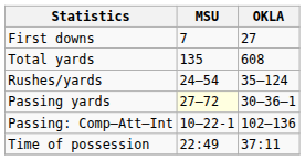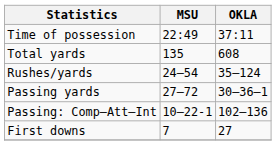 <table class="wikitable" style="float: left;">
 <tr>
 <th>Statistics</th>
 <th>MSU</th>
 <th>OKLA</th>
 </tr>
 <tr>
-<td>First downs</td>
-<td>7</td>
-<td>27</td>
+<td>Time of possession</td>
+<td>22:49</td>
+<td>37:11</td>
 </tr>
 <tr>
 <td>Total yards</td>
 <td>135</td>
 <td>608</td>
 </tr>
 <tr>
 <td>Rushes/yards</td>
 <td>24–54</td>
 <td>35–124</td>
 </tr>
 <tr>
 <td>Passing yards</td>
-<td style="background: lightyellow;">27–72</td>
+<td>27–72</td>
 <td>30–36–1</td>
 </tr>
 <tr>
 <td>Passing: Comp–Att–Int</td>
 <td>10–22-1</td>
 <td>102–136</td>
 </tr>
 <tr>
-<td>Time of possession</td>
-<td>22:49</td>
-<td>37:11</td>
+<td>First downs</td>
+<td>7</td>
+<td>27</td>
 </tr>
 <tr>
 </tr>
 </table>
